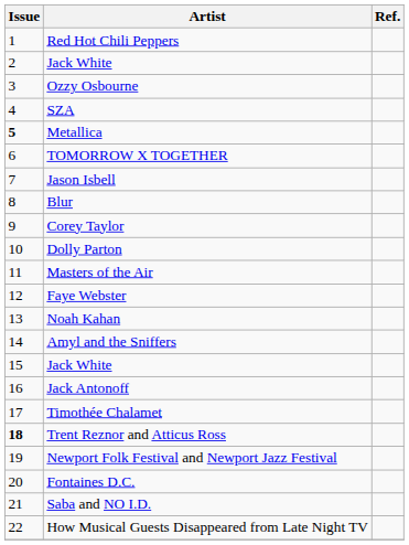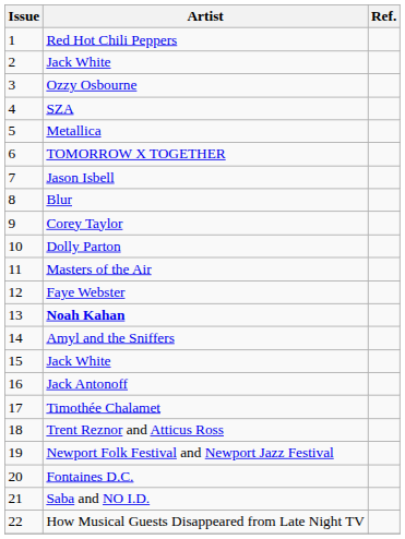 <table class="wikitable sortable">
 <tr>
 <th bgcolor="#efefef">Issue</th>
 <th bgcolor="#efefef" class=unsortable>Artist</th>
 <th bgcolor="#efefef" class=unsortable>Ref.</th>
 </tr>
 <tr>
 <td>1</td>
 <td><a href='#'>Red Hot Chili Peppers</a></td>
 <td align="center"></td>
 </tr>
 <tr>
 <td>2</td>
 <td><a href='#'>Jack White</a></td>
 <td align="center"></td>
 </tr>
 <tr>
 <td>3</td>
 <td><a href='#'>Ozzy Osbourne</a></td>
 <td align="center"></td>
 </tr>
 <tr>
 <td>4</td>
 <td><a href='#'>SZA</a></td>
 <td align="center"></td>
 </tr>
 <tr>
-<td><strong>5</strong></td>
+<td>5</td>
 <td><a href='#'>Metallica</a></td>
 <td align="center"></td>
 </tr>
 <tr>
 <td>6</td>
 <td><a href='#'>TOMORROW X TOGETHER</a></td>
 <td align="center"></td>
 </tr>
 <tr>
 <td>7</td>
 <td><a href='#'>Jason Isbell</a></td>
 <td align="center"></td>
 </tr>
 <tr>
 <td>8</td>
 <td><a href='#'>Blur</a></td>
 <td align="center"></td>
 </tr>
 <tr>
 <td>9</td>
 <td><a href='#'>Corey Taylor</a></td>
 <td align="center"></td>
 </tr>
 <tr>
 <td>10</td>
 <td><a href='#'>Dolly Parton</a></td>
 <td align="center"></td>
 </tr>
 <tr>
 <td>11</td>
 <td><a href='#'>Masters of the Air</a></td>
 <td align="center"></td>
 </tr>
 <tr>
 <td>12</td>
 <td><a href='#'>Faye Webster</a></td>
 <td align="center"></td>
 </tr>
 <tr>
 <td>13</td>
-<td><a href='#'>Noah Kahan</a></td>
+<td><strong><a href='#'>Noah Kahan</a></strong></td>
 <td align="center"></td>
 </tr>
 <tr>
 <td>14</td>
 <td><a href='#'>Amyl and the Sniffers</a></td>
 <td align="center"></td>
 </tr>
 <tr>
 <td>15</td>
 <td><a href='#'>Jack White</a></td>
 <td align="center"></td>
 </tr>
 <tr>
 <td>16</td>
 <td><a href='#'>Jack Antonoff</a></td>
 <td align="center"></td>
 </tr>
 <tr>
 <td>17</td>
 <td><a href='#'>Timothée Chalamet</a></td>
 <td align="center"></td>
 </tr>
 <tr>
-<td><strong>18</strong></td>
+<td>18</td>
 <td><a href='#'>Trent Reznor</a> and <a href='#'>Atticus Ross</a></td>
 <td align="center"></td>
 </tr>
 <tr>
 <td>19</td>
 <td><a href='#'>Newport Folk Festival</a> and <a href='#'>Newport Jazz Festival</a></td>
 <td align="center"></td>
 </tr>
 <tr>
 <td>20</td>
 <td><a href='#'>Fontaines D.C.</a></td>
 <td align="center"></td>
 </tr>
 <tr>
 <td>21</td>
 <td><a href='#'>Saba</a> and <a href='#'>NO I.D.</a></td>
 <td align="center"></td>
 </tr>
 <tr>
 <td>22</td>
 <td>How Musical Guests Disappeared from Late Night TV</td>
 <td align="center"></td>
 </tr>
 <tr>
 </tr>
 </table>
